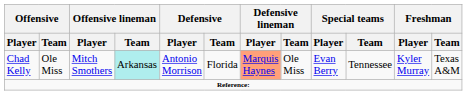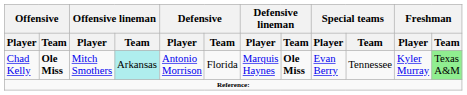 <table class="wikitable">
 <tr>
 <th colspan="2">Offensive</th>
 <th colspan="2">Offensive lineman</th>
 <th colspan="2">Defensive</th>
 <th colspan="2">Defensive lineman</th>
 <th colspan="2">Special teams</th>
 <th colspan="2">Freshman</th>
 </tr>
 <tr>
 <th>Player</th>
 <th>Team</th>
 <th>Player</th>
 <th>Team</th>
 <th>Player</th>
 <th>Team</th>
 <th>Player</th>
 <th>Team</th>
 <th>Player</th>
 <th>Team</th>
 <th>Player</th>
 <th>Team</th>
 </tr>
 <tr>
 <td><a href='#'>Chad Kelly</a></td>
-<td>Ole Miss</td>
+<td><strong>Ole Miss</strong></td>
 <td><a href='#'>Mitch Smothers</a></td>
 <td style="background: paleturquoise;">Arkansas</td>
 <td><a href='#'>Antonio Morrison</a></td>
 <td>Florida</td>
-<td style="background: lightsalmon;"><a href='#'>Marquis Haynes</a></td>
-<td>Ole Miss</td>
+<td><a href='#'>Marquis Haynes</a></td>
+<td><strong>Ole Miss</strong></td>
 <td><a href='#'>Evan Berry</a></td>
 <td>Tennessee</td>
 <td><a href='#'>Kyler Murray</a></td>
-<td>Texas A&M</td>
+<td style="background: lightgreen;">Texas A&M</td>
 </tr>
 <tr>
 <td colspan="12"  style="font-size:8pt; text-align:center;"><strong>Reference:</strong></td>
 </tr>
 </table>
